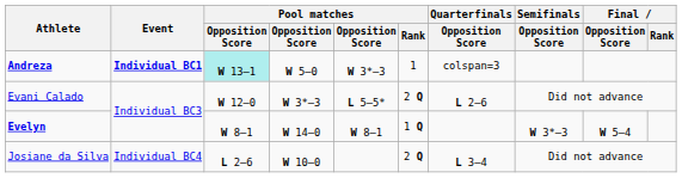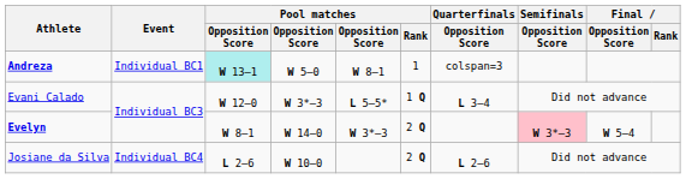 <table class=wikitable style="font-size:90%">
 <tr>
 <th rowspan="2">Athlete</th>
 <th rowspan="2">Event</th>
 <th colspan="4">Pool matches</th>
 <th>Quarterfinals</th>
 <th>Semifinals</th>
 <th colspan=2>Final / </th>
 </tr>
 <tr style="font-size:95%">
 <th>Opposition<br>Score</th>
 <th>Opposition<br>Score</th>
 <th>Opposition<br>Score</th>
 <th>Rank</th>
 <th>Opposition<br>Score</th>
 <th>Opposition<br>Score</th>
 <th>Opposition<br>Score</th>
 <th>Rank</th>
 </tr>
 <tr align=center>
 <td align=left><strong><a href='#'>Andreza </a></strong></td>
-<td align=left><strong><a href='#'>Individual BC1</a></strong></td>
+<td align=left><a href='#'>Individual BC1</a></td>
 <td style="background: paleturquoise;"><br><strong>W</strong> 13–1</td>
 <td><br><strong>W</strong> 5–0</td>
-<td><br><strong>W</strong> 3*–3</td>
+<td><br><strong>W</strong> 8–1</td>
 <td>1</td>
 <td>colspan=3 </td>
 <td></td>
 </tr>
 <tr align=center>
 <td align=left><a href='#'>Evani Calado</a></td>
 <td align=left rowspan=2><a href='#'>Individual BC3</a></td>
 <td><br><strong>W</strong> 12–0</td>
 <td><br><strong>W</strong> 3*–3</td>
 <td><br><strong>L</strong> 5–5*</td>
-<td>2 <strong>Q</strong></td>
-<td><br><strong>L</strong> 2–6</td>
+<td>1 <strong>Q</strong></td>
+<td><br><strong>L</strong> 3–4</td>
 <td colspan=3>Did not advance</td>
 </tr>
 <tr align=center>
 <td align=left><strong><a href='#'>Evelyn </a></strong></td>
 <td><br><strong>W</strong> 8–1</td>
 <td><br><strong>W</strong> 14–0</td>
-<td><br><strong>W</strong> 8–1</td>
-<td>1 <strong>Q</strong></td>
+<td><br><strong>W</strong> 3*–3</td>
+<td>2 <strong>Q</strong></td>
 <td></td>
-<td><br><strong>W</strong> 3*–3</td>
+<td style="background: pink;"><br><strong>W</strong> 3*–3</td>
 <td><br><strong>W</strong> 5–4</td>
 <td></td>
 </tr>
 <tr align=center>
 <td align=left><a href='#'>Josiane da Silva</a></td>
 <td align=left><a href='#'>Individual BC4</a></td>
 <td><br><strong>L</strong> 2–6</td>
 <td><br><strong>W</strong> 10–0</td>
 <td></td>
 <td>2 <strong>Q</strong></td>
-<td><br><strong>L</strong> 3–4</td>
+<td><br><strong>L</strong> 2–6</td>
 <td colspan=3>Did not advance</td>
 </tr>
 </table>
